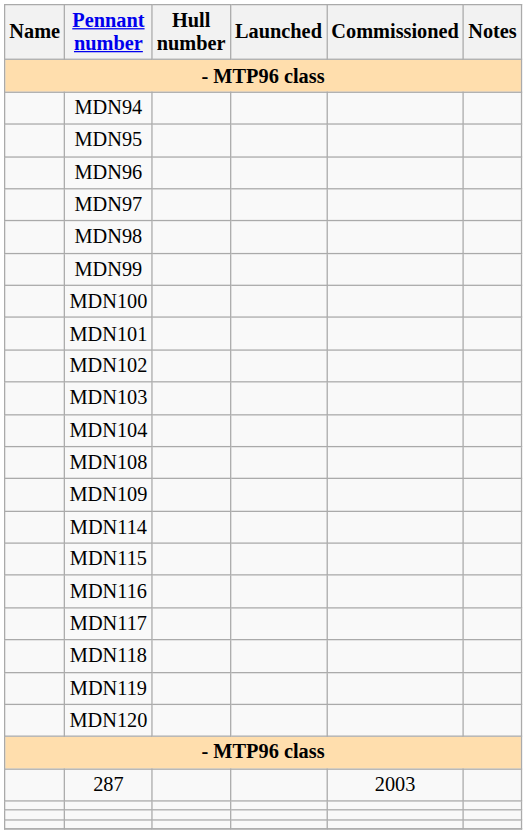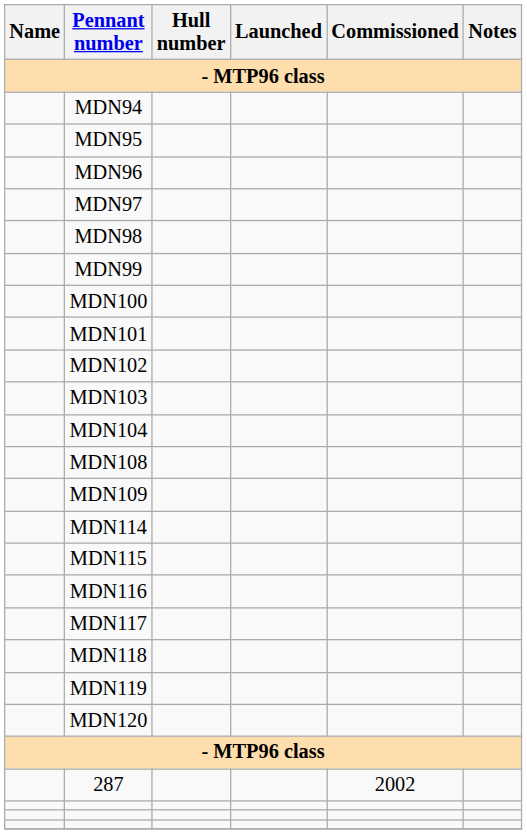 <table border="1" class="sortable wikitable">
 <tr>
 <th>Name</th>
 <th><a href='#'>Pennant<br>number</a></th>
 <th>Hull<br>number</th>
 <th>Launched</th>
 <th>Commissioned</th>
 <th>Notes</th>
 </tr>
 <tr>
 <th colspan="11" style="background:#ffdead;"> - MTP96 class</th>
 </tr>
 <tr>
 <td></td>
 <td align="center">MDN94</td>
 <td align="center"></td>
 <td align="center"></td>
 <td align="center"></td>
 <td align="center"></td>
 </tr>
 <tr>
 <td></td>
 <td align="center">MDN95</td>
 <td align="center"></td>
 <td align="center"></td>
 <td align="center"></td>
 <td align="center"></td>
 </tr>
 <tr>
 <td></td>
 <td align="center">MDN96</td>
 <td align="center"></td>
 <td align="center"></td>
 <td align="center"></td>
 <td align="center"></td>
 </tr>
 <tr>
 <td></td>
 <td align="center">MDN97</td>
 <td align="center"></td>
 <td align="center"></td>
 <td align="center"></td>
 <td align="center"></td>
 </tr>
 <tr>
 <td></td>
 <td align="center">MDN98</td>
 <td align="center"></td>
 <td align="center"></td>
 <td align="center"></td>
 <td align="center"></td>
 </tr>
 <tr>
 <td></td>
 <td align="center">MDN99</td>
 <td align="center"></td>
 <td align="center"></td>
 <td align="center"></td>
 <td align="center"></td>
 </tr>
 <tr>
 <td></td>
 <td align="center">MDN100</td>
 <td align="center"></td>
 <td align="center"></td>
 <td align="center"></td>
 <td align="center"></td>
 </tr>
 <tr>
 <td></td>
 <td align="center">MDN101</td>
 <td align="center"></td>
 <td align="center"></td>
 <td align="center"></td>
 <td align="center"></td>
 </tr>
 <tr>
 <td></td>
 <td align="center">MDN102</td>
 <td align="center"></td>
 <td align="center"></td>
 <td align="center"></td>
 <td align="center"></td>
 </tr>
 <tr>
 <td></td>
 <td align="center">MDN103</td>
 <td align="center"></td>
 <td align="center"></td>
 <td align="center"></td>
 <td align="center"></td>
 </tr>
 <tr>
 <td></td>
 <td align="center">MDN104</td>
 <td align="center"></td>
 <td align="center"></td>
 <td align="center"></td>
 <td align="center"></td>
 </tr>
 <tr>
 <td></td>
 <td align="center">MDN108</td>
 <td align="center"></td>
 <td align="center"></td>
 <td align="center"></td>
 <td align="center"></td>
 </tr>
 <tr>
 <td></td>
 <td align="center">MDN109</td>
 <td align="center"></td>
 <td align="center"></td>
 <td align="center"></td>
 <td align="center"></td>
 </tr>
 <tr>
 <td></td>
 <td align="center">MDN114</td>
 <td align="center"></td>
 <td align="center"></td>
 <td align="center"></td>
 <td align="center"></td>
 </tr>
 <tr>
 <td></td>
 <td align="center">MDN115</td>
 <td align="center"></td>
 <td align="center"></td>
 <td align="center"></td>
 <td align="center"></td>
 </tr>
 <tr>
 <td></td>
 <td align="center">MDN116</td>
 <td align="center"></td>
 <td align="center"></td>
 <td align="center"></td>
 <td align="center"></td>
 </tr>
 <tr>
 <td></td>
 <td align="center">MDN117</td>
 <td align="center"></td>
 <td align="center"></td>
 <td align="center"></td>
 <td align="center"></td>
 </tr>
 <tr>
 <td></td>
 <td align="center">MDN118</td>
 <td align="center"></td>
 <td align="center"></td>
 <td align="center"></td>
 <td align="center"></td>
 </tr>
 <tr>
 <td></td>
 <td align="center">MDN119</td>
 <td align="center"></td>
 <td align="center"></td>
 <td align="center"></td>
 <td align="center"></td>
 </tr>
 <tr>
 <td></td>
 <td align="center">MDN120</td>
 <td align="center"></td>
 <td align="center"></td>
 <td align="center"></td>
 <td align="center"></td>
 </tr>
 <tr>
 <th colspan="11" style="background:#ffdead;"> - MTP96 class</th>
 </tr>
 <tr>
 <td></td>
 <td align="center">287</td>
 <td align="center"></td>
 <td align="center"></td>
-<td align="center">2003</td>
+<td align="center">2002</td>
 <td align="center"></td>
 </tr>
 <tr>
 <td></td>
 <td align="center"></td>
 <td align="center"></td>
 <td align="center"></td>
 <td align="center"></td>
 <td align="center"></td>
 </tr>
 <tr>
 <td></td>
 <td align="center"></td>
 <td align="center"></td>
 <td align="center"></td>
 <td align="center"></td>
 <td align="center"></td>
 </tr>
 <tr>
 <td></td>
 <td align="center"></td>
 <td align="center"></td>
 <td align="center"></td>
 <td align="center"></td>
 <td align="center"></td>
 </tr>
 <tr>
 </tr>
 </table>
